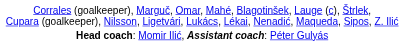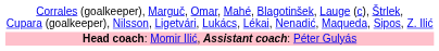 <table style="text-align: center; margin-top: 1em; margin-left: auto; margin-right: auto">
 <tr>
 <td><a href='#'>Corrales</a> (goalkeeper), <a href='#'>Marguč</a>, <a href='#'>Omar</a>, <a href='#'>Mahé</a>, <a href='#'>Blagotinšek</a>, <a href='#'>Lauge</a> (<a href='#'>c</a>), <a href='#'>Štrlek</a>,<br><a href='#'>Cupara</a> (goalkeeper), <a href='#'>Nilsson</a>, <a href='#'>Ligetvári</a>, <a href='#'>Lukács</a>, <a href='#'>Lékai</a>, <a href='#'>Nenadić</a>, <a href='#'>Maqueda</a>, <a href='#'>Sipos</a>, <a href='#'>Z. Ilić</a></td>
 </tr>
 <tr>
-<td><strong>Head coach</strong>: <a href='#'>Momir Ilić</a>, <strong><em>Assistant coach</em></strong>: <a href='#'>Péter Gulyás</a></td>
+<td style="background: pink;"><strong>Head coach</strong>: <a href='#'>Momir Ilić</a>, <strong><em>Assistant coach</em></strong>: <a href='#'>Péter Gulyás</a></td>
 </tr>
 </table>
